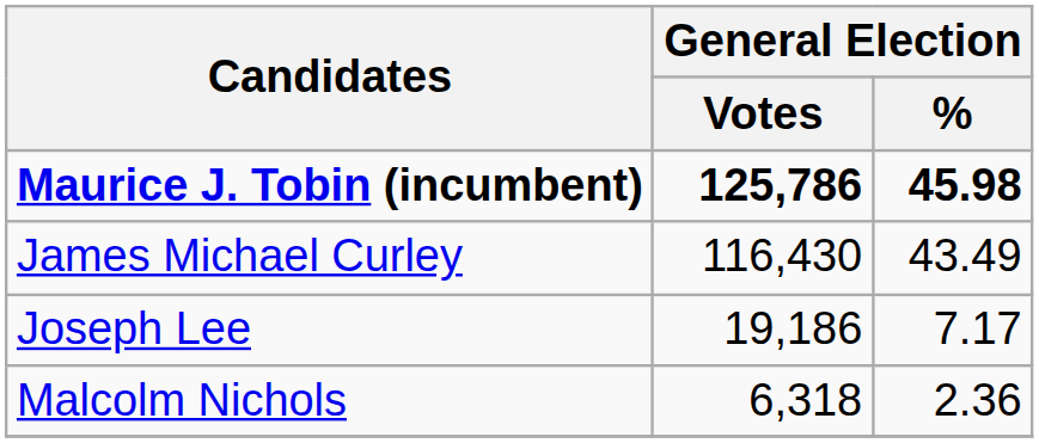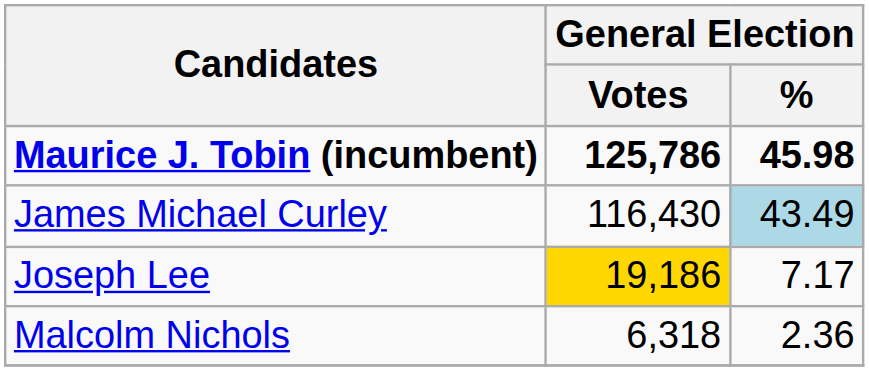 <table class=wikitable>
 <tr>
 <th colspan=1 rowspan=2><strong>Candidates</strong></th>
 <th colspan=2><strong>General Election</strong></th>
 </tr>
 <tr>
 <th>Votes</th>
 <th>%</th>
 </tr>
 <tr>
 <td><strong><a href='#'>Maurice J. Tobin</a> (incumbent)</strong></td>
 <td align="right"><strong>125,786</strong></td>
 <td align="right"><strong>45.98</strong></td>
 </tr>
 <tr>
 <td><a href='#'>James Michael Curley</a></td>
 <td align="right">116,430</td>
-<td align="right">43.49</td>
+<td align="right" style="background: lightblue;">43.49</td>
 </tr>
 <tr>
 <td><a href='#'>Joseph Lee</a></td>
-<td align="right">19,186</td>
+<td align="right" style="background: gold;">19,186</td>
 <td align="right">7.17</td>
 </tr>
 <tr>
 <td><a href='#'>Malcolm Nichols</a></td>
 <td align="right">6,318</td>
 <td align="right">2.36</td>
 </tr>
 <tr>
 </tr>
 </table>
